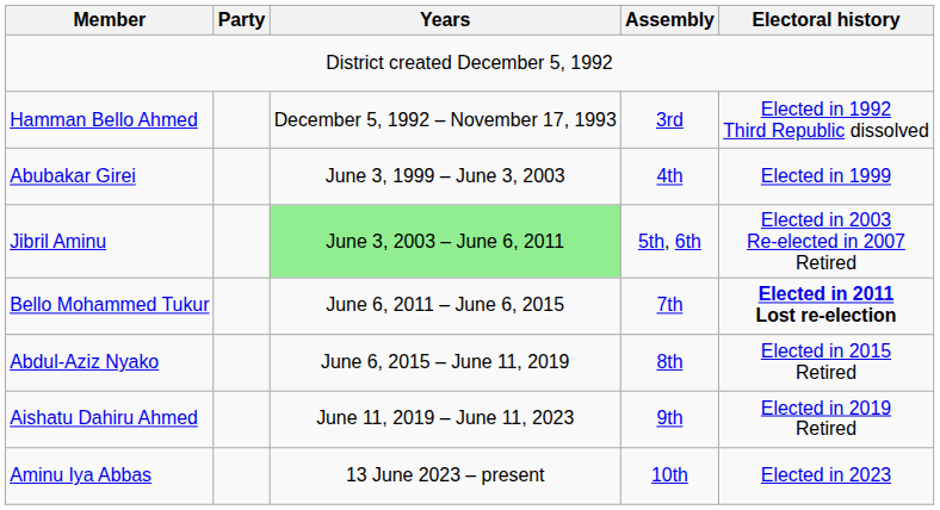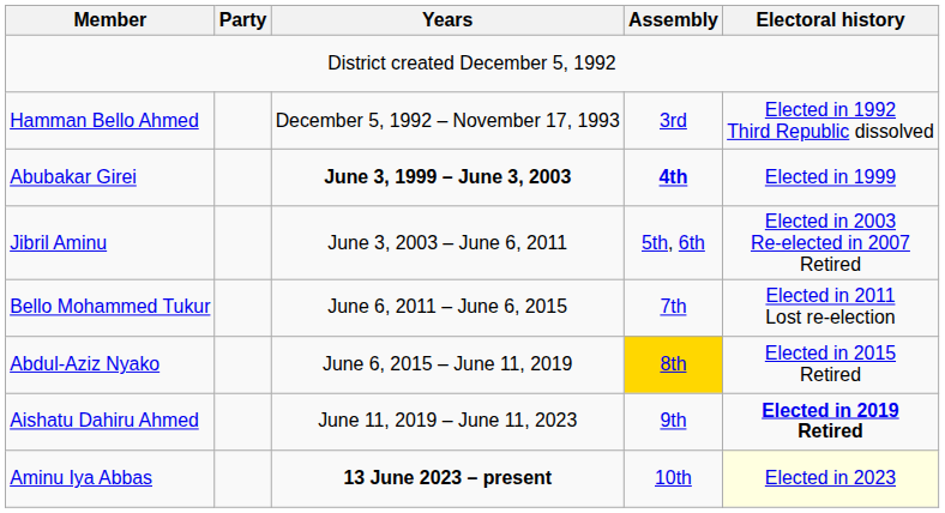 <table class="wikitable" style="text-align:center">
 <tr>
 <th>Member</th>
 <th>Party</th>
 <th>Years</th>
 <th>Assembly</th>
 <th>Electoral history</th>
 </tr>
 <tr style="height:3em">
 <td colspan="5">District created December 5, 1992</td>
 </tr>
 <tr style="height:3em">
 <td align="left"><a href='#'>Hamman Bello Ahmed</a></td>
 <td></td>
 <td nowrap="">December 5, 1992 – November 17, 1993</td>
 <td><a href='#'>3rd</a></td>
 <td><a href='#'>Elected in 1992</a><br><a href='#'>Third Republic</a> dissolved</td>
 </tr>
 <tr style="height:3em">
 <td align="left"><a href='#'>Abubakar Girei</a></td>
 <td></td>
-<td nowrap="">June 3, 1999 – June 3, 2003</td>
-<td><a href='#'>4th</a></td>
+<td nowrap=""><strong>June 3, 1999 – June 3, 2003</strong></td>
+<td><strong><a href='#'>4th</a></strong></td>
 <td><a href='#'>Elected in 1999</a></td>
 </tr>
 <tr style="height:3em">
 <td align="left"><a href='#'>Jibril Aminu</a></td>
 <td></td>
-<td nowrap="" style="background: lightgreen;">June 3, 2003 – June 6, 2011</td>
+<td nowrap="">June 3, 2003 – June 6, 2011</td>
 <td><a href='#'>5th</a>, <a href='#'>6th</a></td>
 <td><a href='#'>Elected in 2003</a><br><a href='#'>Re-elected in 2007</a><br>Retired</td>
 </tr>
 <tr style="height:3em">
 <td align="left"><a href='#'>Bello Mohammed Tukur</a></td>
 <td></td>
 <td nowrap="">June 6, 2011 – June 6, 2015</td>
 <td><a href='#'>7th</a></td>
-<td><strong><a href='#'>Elected in 2011</a><br>Lost re-election</strong></td>
+<td><a href='#'>Elected in 2011</a><br>Lost re-election</td>
 </tr>
 <tr style="height:3em">
 <td align="left"><a href='#'>Abdul-Aziz Nyako</a></td>
 <td></td>
 <td nowrap="">June 6, 2015 – June 11, 2019</td>
-<td><a href='#'>8th</a></td>
+<td style="background: gold;"><a href='#'>8th</a></td>
 <td><a href='#'>Elected in 2015</a><br>Retired</td>
 </tr>
 <tr style="height:3em">
 <td align="left"><a href='#'>Aishatu Dahiru Ahmed</a></td>
 <td></td>
 <td nowrap="">June 11, 2019 – June 11, 2023</td>
 <td><a href='#'>9th</a></td>
-<td><a href='#'>Elected in 2019</a><br>Retired</td>
+<td><strong><a href='#'>Elected in 2019</a><br>Retired</strong></td>
 </tr>
 <tr style="height:3em">
 <td align="left"><a href='#'>Aminu Iya Abbas</a></td>
 <td></td>
-<td nowrap="">13 June 2023 – present</td>
+<td nowrap=""><strong>13 June 2023 – present</strong></td>
 <td><a href='#'>10th</a></td>
-<td><a href='#'>Elected in 2023</a></td>
+<td style="background: lightyellow;"><a href='#'>Elected in 2023</a></td>
 </tr>
 </table>
